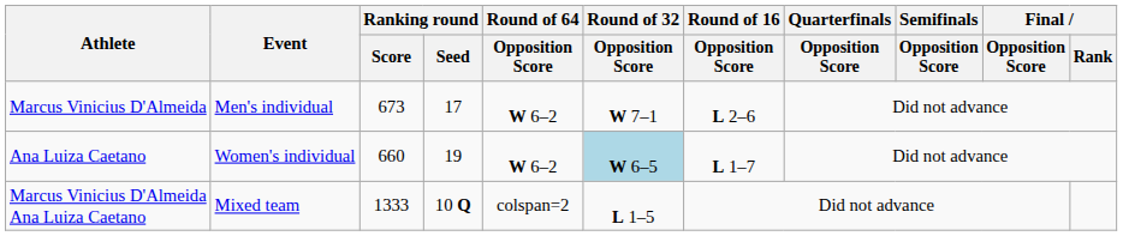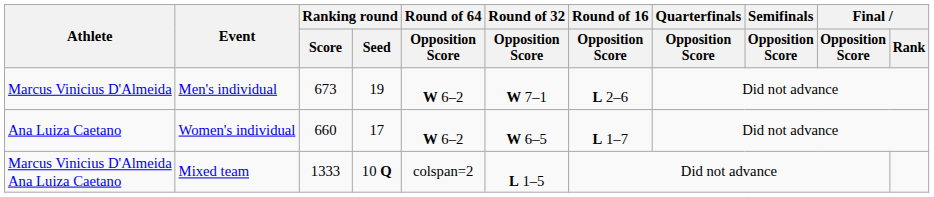 <table class="wikitable" style="font-size:90%; text-align:center">
 <tr>
 <th rowspan=2>Athlete</th>
 <th rowspan=2>Event</th>
 <th colspan="2">Ranking round</th>
 <th>Round of 64</th>
 <th>Round of 32</th>
 <th>Round of 16</th>
 <th>Quarterfinals</th>
 <th>Semifinals</th>
 <th colspan="2">Final / </th>
 </tr>
 <tr style="font-size:95%">
 <th>Score</th>
 <th>Seed</th>
 <th>Opposition<br>Score</th>
 <th>Opposition<br>Score</th>
 <th>Opposition<br>Score</th>
 <th>Opposition<br>Score</th>
 <th>Opposition<br>Score</th>
 <th>Opposition<br>Score</th>
 <th>Rank</th>
 </tr>
 <tr align=center>
 <td align=left><a href='#'>Marcus Vinicius D'Almeida</a></td>
 <td align=left><a href='#'>Men's individual</a></td>
 <td>673</td>
-<td>17</td>
+<td>19</td>
 <td><br><strong>W</strong> 6–2</td>
 <td><br><strong>W</strong> 7–1</td>
 <td><br><strong>L</strong> 2–6</td>
 <td colspan=4>Did not advance</td>
 </tr>
 <tr align=center>
 <td align=left><a href='#'>Ana Luiza Caetano</a></td>
 <td align=left><a href='#'>Women's individual</a></td>
 <td>660</td>
-<td>19</td>
+<td>17</td>
 <td><br><strong>W</strong> 6–2</td>
-<td style="background: lightblue;"><br><strong>W</strong> 6–5</td>
+<td><br><strong>W</strong> 6–5</td>
 <td><br><strong>L</strong> 1–7</td>
 <td colspan=4>Did not advance</td>
 </tr>
 <tr align=center>
 <td align=left><a href='#'>Marcus Vinicius D'Almeida</a><br><a href='#'>Ana Luiza Caetano</a></td>
 <td align=left><a href='#'>Mixed team</a></td>
 <td>1333</td>
 <td>10 <strong>Q</strong></td>
 <td>colspan=2 </td>
 <td><br><strong>L</strong> 1–5</td>
 <td colspan=4>Did not advance</td>
 </tr>
 </table>
